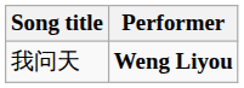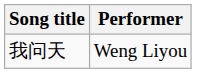 <table class="wikitable">
 <tr>
 <th>Song title</th>
 <th>Performer</th>
 </tr>
 <tr>
 <td>我问天</td>
-<td><strong>Weng Liyou</strong></td>
+<td>Weng Liyou</td>
 </tr>
 </table>
